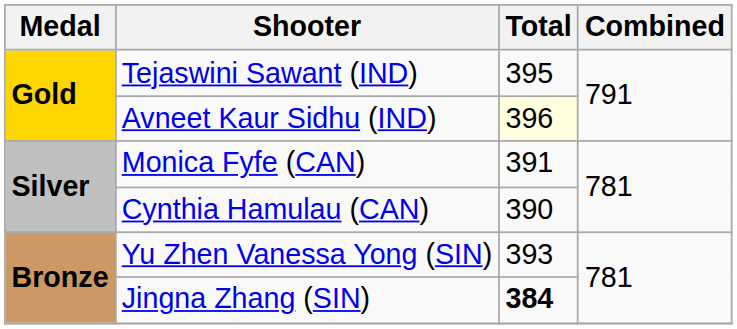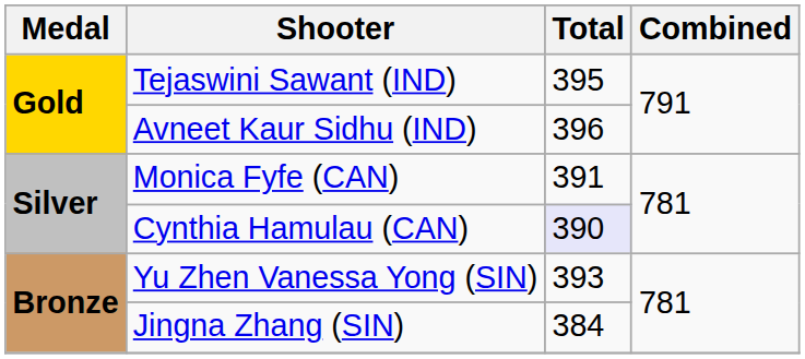 <table class="wikitable">
 <tr>
 <th>Medal</th>
 <th>Shooter</th>
 <th>Total</th>
 <th>Combined</th>
 </tr>
 <tr>
 <td rowspan="2" bgcolor="gold"><strong>Gold</strong></td>
 <td> <a href='#'>Tejaswini Sawant</a> (<a href='#'>IND</a>)</td>
 <td>395</td>
 <td rowspan="2">791</td>
 </tr>
 <tr>
 <td> <a href='#'>Avneet Kaur Sidhu</a> (<a href='#'>IND</a>)</td>
-<td style="background: lightyellow;">396</td>
+<td>396</td>
 </tr>
 <tr>
 <td rowspan="2" bgcolor="silver"><strong>Silver</strong></td>
 <td> <a href='#'>Monica Fyfe</a> (<a href='#'>CAN</a>)</td>
 <td>391</td>
 <td rowspan="2">781</td>
 </tr>
 <tr>
 <td> <a href='#'>Cynthia Hamulau</a> (<a href='#'>CAN</a>)</td>
-<td>390</td>
+<td style="background: lavender;">390</td>
 </tr>
 <tr>
 <td rowspan="2" bgcolor="cc9966"><strong>Bronze</strong></td>
 <td> <a href='#'>Yu Zhen Vanessa Yong</a> (<a href='#'>SIN</a>)</td>
 <td>393</td>
 <td rowspan="2">781</td>
 </tr>
 <tr>
 <td> <a href='#'>Jingna Zhang</a> (<a href='#'>SIN</a>)</td>
-<td><strong>384</strong></td>
+<td>384</td>
 </tr>
 <tr>
 </tr>
 </table>
